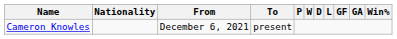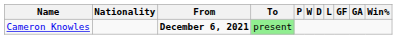 <table class="wikitable plainrowheaders sortable" style="text-align:center">
 <tr>
 <th>Name</th>
 <th>Nationality</th>
 <th>From</th>
 <th class="unsortable">To</th>
 <th>P</th>
 <th>W</th>
 <th>D</th>
 <th>L</th>
 <th>GF</th>
 <th>GA</th>
 <th>Win%</th>
 </tr>
 <tr>
 <td scope=row style=text-align:left><a href='#'>Cameron Knowles</a></td>
 <td align=left></td>
-<td align=left>December 6, 2021</td>
-<td align=left>present<br></td>
+<td align=left><strong>December 6, 2021</strong></td>
+<td align=left style="background: lightgreen;">present<br></td>
 </tr>
 </table>
